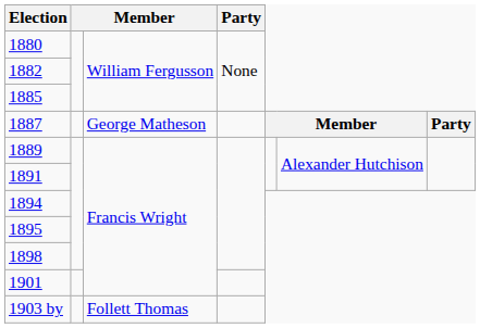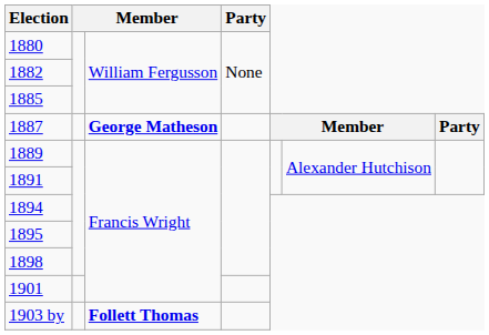 <table class="wikitable" style='border-style: none none none none;'>
 <tr>
 <th>Election</th>
 <th colspan="2">Member</th>
 <th>Party</th>
 </tr>
 <tr style="background: #f9f9f9">
 <td><a href='#'>1880</a></td>
 <td rowspan="3" > </td>
 <td rowspan="3"><a href='#'>William Fergusson</a></td>
 <td rowspan="3">None</td>
 </tr>
 <tr style="background: #f9f9f9">
 <td><a href='#'>1882</a></td>
 </tr>
 <tr style="background: #f9f9f9">
 <td><a href='#'>1885</a></td>
 </tr>
 <tr style="background: #f9f9f9">
 <td><a href='#'>1887</a></td>
 <td> </td>
-<td><a href='#'>George Matheson</a></td>
+<td><strong><a href='#'>George Matheson</a></strong></td>
 <td></td>
 <th colspan="2">Member</th>
 <th>Party</th>
 </tr>
 <tr style="background: #f9f9f9">
 <td><a href='#'>1889</a></td>
 <td rowspan="5" > </td>
 <td rowspan="6"><a href='#'>Francis Wright</a></td>
 <td rowspan="5"></td>
 <td rowspan="2" > </td>
 <td rowspan="2"><a href='#'>Alexander Hutchison</a></td>
 <td rowspan="2"></td>
 </tr>
 <tr style="background: #f9f9f9">
 <td><a href='#'>1891</a></td>
 </tr>
 <tr style="background: #f9f9f9">
 <td><a href='#'>1894</a></td>
 </tr>
 <tr style="background: #f9f9f9">
 <td><a href='#'>1895</a></td>
 </tr>
 <tr style="background: #f9f9f9">
 <td><a href='#'>1898</a></td>
 </tr>
 <tr style="background: #f9f9f9">
 <td><a href='#'>1901</a></td>
 <td> </td>
 <td></td>
 </tr>
 <tr style="background: #f9f9f9">
 <td><a href='#'>1903 by</a></td>
 <td> </td>
-<td><a href='#'>Follett Thomas</a></td>
+<td><strong><a href='#'>Follett Thomas</a></strong></td>
 <td></td>
 </tr>
 </table>
